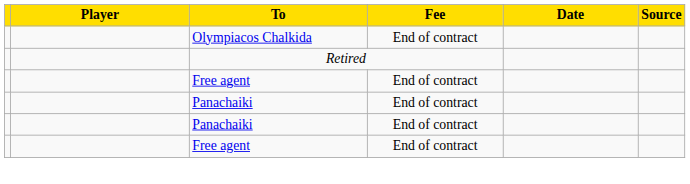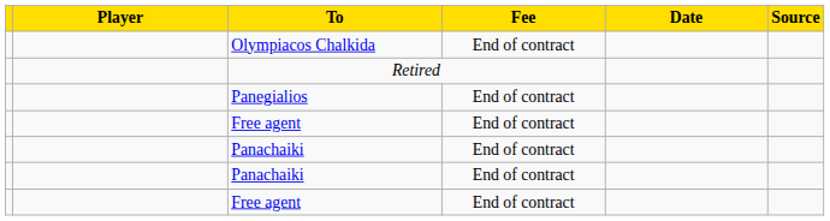 <table class="wikitable sortable">
 <tr>
 <th style="background:#FFDE00"></th>
 <th width=200 style="background:#FFDE00">Player</th>
 <th width=200 style="background:#FFDE00">To</th>
 <th width=150 style="background:#FFDE00">Fee</th>
 <th width=150 style="background:#FFDE00">Date</th>
 <th style="background:#FFDE00">Source</th>
 </tr>
 <tr>
 <td align=center></td>
 <td></td>
 <td> <a href='#'>Olympiacos Chalkida</a></td>
 <td align=center>End of contract</td>
 <td align=center></td>
 <td align=center></td>
 </tr>
 <tr>
 <td align=center></td>
 <td></td>
 <td align=center colspan=2><em>Retired</em></td>
+<td align=center></td>
+<td align=center></td>
+</tr>
+<tr>
+<td align=center></td>
+<td></td>
+<td> <a href='#'>Panegialios</a></td>
+<td align=center>End of contract</td>
 <td align=center></td>
 <td align=center></td>
 </tr>
 <tr>
 <td align=center></td>
 <td></td>
 <td><a href='#'>Free agent</a></td>
 <td align=center>End of contract</td>
 <td align=center></td>
 <td align=center></td>
 </tr>
 <tr>
 <td align=center></td>
 <td></td>
 <td> <a href='#'>Panachaiki</a></td>
 <td align=center>End of contract</td>
 <td align=center></td>
 <td align=center></td>
 </tr>
 <tr>
 <td align=center></td>
 <td></td>
 <td> <a href='#'>Panachaiki</a></td>
 <td align=center>End of contract</td>
 <td align=center></td>
 <td align=center></td>
 </tr>
 <tr>
 <td align=center></td>
 <td></td>
 <td><a href='#'>Free agent</a></td>
 <td align=center>End of contract</td>
 <td align=center></td>
 <td align=center></td>
 </tr>
 </table>
